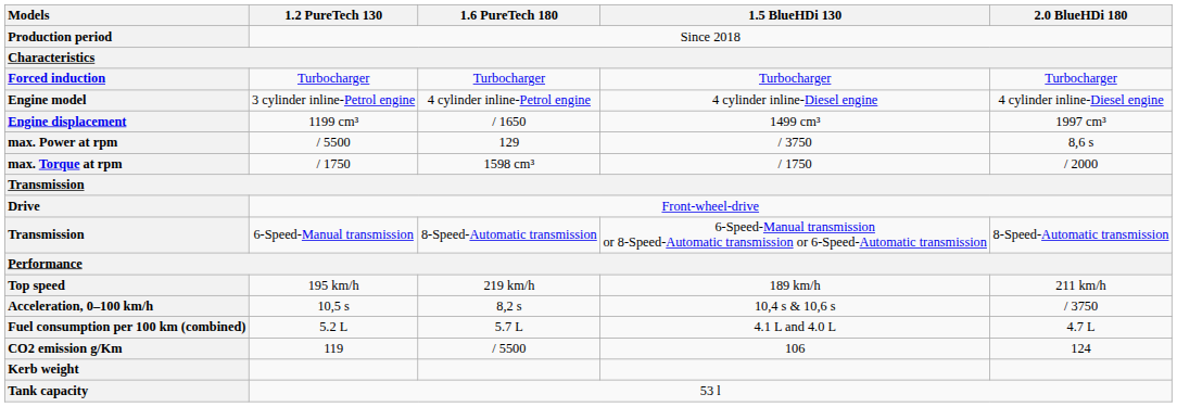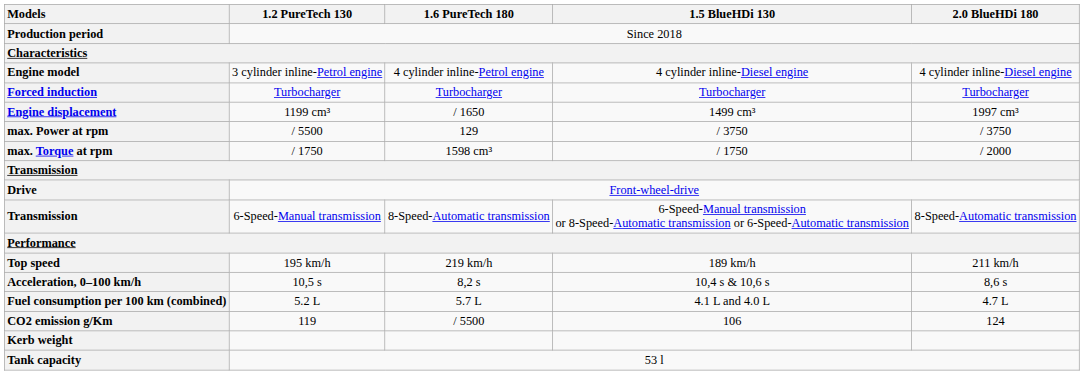 <table class="wikitable" style="font-size: 100%; text-align: center;">
 <tr class="hintergrundfarbe5">
 <th style="text-align:left;">Models</th>
 <th>1.2 PureTech 130</th>
 <th>1.6 PureTech 180</th>
 <th>1.5 BlueHDi 130</th>
 <th>2.0 BlueHDi 180</th>
 </tr>
 <tr>
 <th style="text-align:left;">Production period</th>
 <td colspan="4">Since 2018</td>
 </tr>
 <tr>
 <th style="text-align:left;" colspan="5"><u>Characteristics</u></th>
 </tr>
 <tr>
+<th style="text-align:left;">Engine model</th>
+<td>3 cylinder inline-<a href='#'>Petrol engine</a></td>
+<td>4 cylinder inline-<a href='#'>Petrol engine</a></td>
+<td>4 cylinder inline-<a href='#'>Diesel engine</a></td>
+<td>4 cylinder inline-<a href='#'>Diesel engine</a></td>
+</tr>
+<tr>
 <th style="text-align:left;"><a href='#'>Forced induction</a></th>
 <td><a href='#'>Turbocharger</a></td>
 <td><a href='#'>Turbocharger</a></td>
 <td><a href='#'>Turbocharger</a></td>
 <td><a href='#'>Turbocharger</a></td>
-</tr>
-<tr>
-<th style="text-align:left;">Engine model</th>
-<td>3 cylinder inline-<a href='#'>Petrol engine</a></td>
-<td>4 cylinder inline-<a href='#'>Petrol engine</a></td>
-<td>4 cylinder inline-<a href='#'>Diesel engine</a></td>
-<td>4 cylinder inline-<a href='#'>Diesel engine</a></td>
 </tr>
 <tr>
 <th style="text-align:left;"><a href='#'>Engine displacement</a></th>
 <td>1199 cm³</td>
 <td> / 1650</td>
 <td>1499 cm³</td>
 <td>1997 cm³</td>
 </tr>
 <tr>
 <th style="text-align:left;">max. Power at rpm</th>
 <td> / 5500</td>
 <td>129</td>
 <td> / 3750</td>
-<td>8,6 s</td>
+<td> / 3750</td>
 </tr>
 <tr>
 <th style="text-align:left;">max. <a href='#'>Torque</a> at rpm</th>
 <td> / 1750</td>
 <td>1598 cm³</td>
 <td> / 1750</td>
 <td> / 2000</td>
 </tr>
 <tr>
 <th style="text-align:left;" colspan="5"><u>Transmission</u></th>
 </tr>
 <tr>
 <th style="text-align:left;">Drive</th>
 <td colspan="4"><a href='#'>Front-wheel-drive</a></td>
 </tr>
 <tr>
 <th style="text-align:left;">Transmission</th>
 <td>6-Speed-<a href='#'>Manual transmission</a></td>
 <td>8-Speed-<a href='#'>Automatic transmission</a></td>
 <td>6-Speed-<a href='#'>Manual transmission</a><br>or 8-Speed-<a href='#'>Automatic transmission</a> or 6-Speed-<a href='#'>Automatic transmission</a></td>
 <td>8-Speed-<a href='#'>Automatic transmission</a></td>
 </tr>
 <tr>
 <th style="text-align:left;" colspan="5"><u>Performance</u></th>
 </tr>
 <tr>
 <th style="text-align:left;">Top speed</th>
 <td>195 km/h</td>
 <td>219 km/h</td>
 <td>189 km/h</td>
 <td>211 km/h</td>
 </tr>
 <tr>
 <th style="text-align:left;">Acceleration, 0–100 km/h</th>
 <td>10,5 s</td>
 <td>8,2 s</td>
 <td>10,4 s & 10,6 s</td>
-<td> / 3750</td>
+<td>8,6 s</td>
 </tr>
 <tr>
 <th style="text-align:left;">Fuel consumption per 100 km (combined)</th>
 <td>5.2 L</td>
 <td>5.7 L</td>
 <td>4.1 L and 4.0 L</td>
 <td>4.7 L</td>
 </tr>
 <tr>
 <th style="text-align:left;">CO2 emission g/Km</th>
 <td>119</td>
 <td> / 5500</td>
 <td>106</td>
 <td>124</td>
 </tr>
 <tr>
 <th style="text-align:left;">Kerb weight</th>
 <td></td>
 <td></td>
 <td></td>
 <td></td>
 </tr>
 <tr>
 <th style="text-align:left;">Tank capacity</th>
 <td colspan="4">53 l</td>
 </tr>
 </table>
